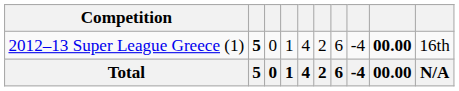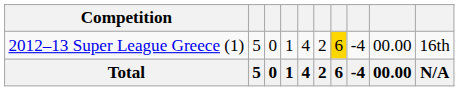 <table class="wikitable" style="text-align:center">
 <tr>
 <th>Competition</th>
 <th></th>
 <th></th>
 <th></th>
 <th></th>
 <th></th>
 <th></th>
 <th></th>
 <th></th>
 <th></th>
 </tr>
 <tr>
 <td><a href='#'>2012–13 Super League Greece</a> (1)</td>
-<td><strong>5</strong></td>
+<td>5</td>
 <td>0</td>
 <td>1</td>
 <td>4</td>
 <td>2</td>
-<td>6</td>
+<td style="background: gold;">6</td>
 <td>-4</td>
-<td><strong>00.00</strong></td>
+<td>00.00</td>
 <td>16th</td>
 </tr>
 <tr>
 <th>Total</th>
 <th>5</th>
 <th>0</th>
 <th>1</th>
 <th>4</th>
 <th>2</th>
 <th>6</th>
 <th>-4</th>
 <th>00.00</th>
 <th>N/A</th>
 </tr>
 </table>
